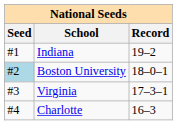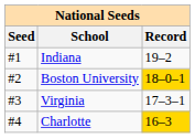 <table class="wikitable">
 <tr>
 <th colspan="5" style="background:#ffdead;">National Seeds</th>
 </tr>
 <tr>
 <th>Seed</th>
 <th>School</th>
 <th>Record</th>
 </tr>
 <tr>
 <td>#1</td>
 <td><a href='#'>Indiana</a></td>
 <td>19–2</td>
 </tr>
 <tr>
-<td style="background: lightblue;">#2</td>
+<td>#2</td>
 <td><a href='#'>Boston University</a></td>
-<td>18–0–1</td>
+<td style="background: gold;">18–0–1</td>
 </tr>
 <tr>
 <td>#3</td>
 <td><a href='#'>Virginia</a></td>
 <td>17–3–1</td>
 </tr>
 <tr>
 <td>#4</td>
 <td><a href='#'>Charlotte</a></td>
-<td>16–3</td>
+<td style="background: gold;">16–3</td>
 </tr>
 </table>
